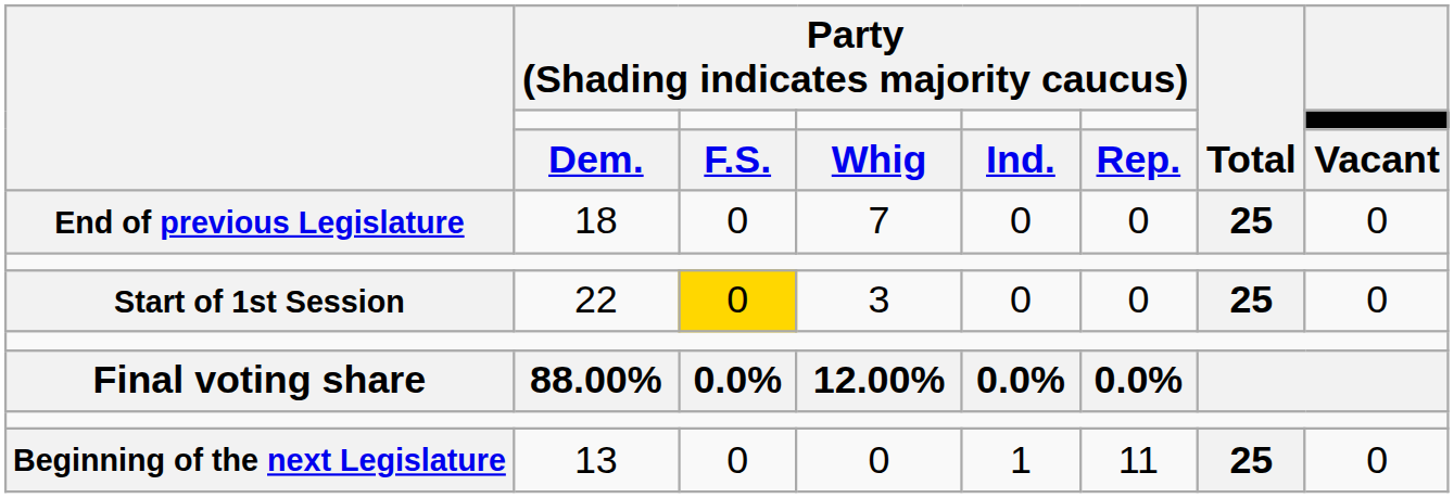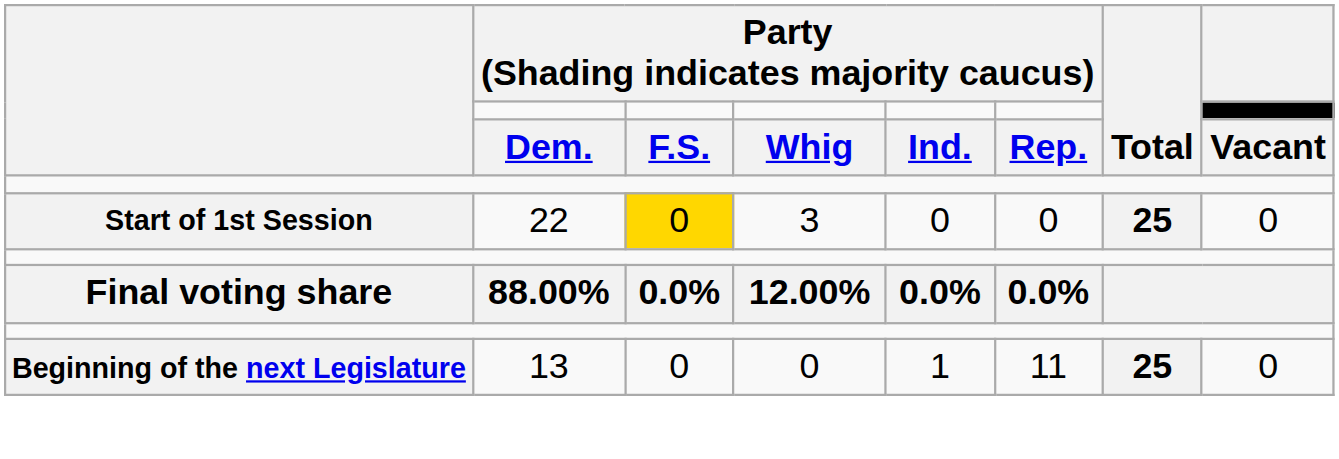 <table class=wikitable style="text-align:center">
 <tr style="vertical-align:bottom;">
 <th rowspan=3></th>
 <th colspan=5>Party <div>(Shading indicates majority caucus)</div></th>
 <th rowspan=3>Total</th>
 <th></th>
 </tr>
 <tr style="height:5px">
 <td style="background-color:"></td>
 <td style="background-color:"></td>
 <td style="background-color:"></td>
 <td style="background-color:"></td>
 <td style="background-color:"></td>
 <td style="background:black;"></td>
 </tr>
 <tr>
 <th><a href='#'>Dem.</a></th>
 <th><a href='#'>F.S.</a></th>
 <th><a href='#'>Whig</a></th>
 <th><a href='#'>Ind.</a></th>
 <th><a href='#'>Rep.</a></th>
 <th>Vacant</th>
-</tr>
-<tr>
-<th style="font-size:80%;">End of <a href='#'>previous Legislature</a></th>
-<td>18</td>
-<td>0</td>
-<td>7</td>
-<td>0</td>
-<td>0</td>
-<th>25</th>
-<td>0</td>
 </tr>
 <tr>
 <td colspan=8></td>
 </tr>
 <tr>
 <th style="font-size:80%;">Start of 1st Session</th>
 <td>22</td>
 <td style="background: gold;">0</td>
 <td>3</td>
 <td>0</td>
 <td>0</td>
 <th>25</th>
 <td>0</td>
 </tr>
 <tr>
 <td colspan=8></td>
 </tr>
 <tr>
 <th>Final voting share</th>
 <th>88.00%</th>
 <th>0.0%</th>
 <th>12.00%</th>
 <th>0.0%</th>
 <th>0.0%</th>
 <th colspan=2></th>
 </tr>
 <tr>
 <td colspan=8></td>
 </tr>
 <tr>
 <th style="font-size:80%;">Beginning of the <a href='#'>next Legislature</a></th>
 <td>13</td>
 <td>0</td>
 <td>0</td>
 <td>1</td>
 <td>11</td>
 <th>25</th>
 <td>0</td>
 </tr>
 </table>
